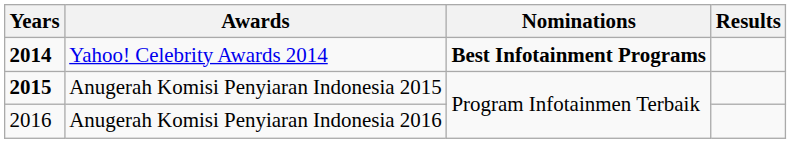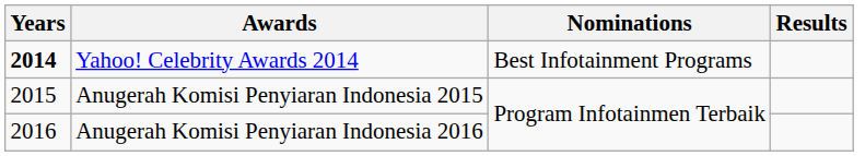 <table class="wikitable">
 <tr>
 <th>Years</th>
 <th>Awards</th>
 <th>Nominations</th>
 <th>Results</th>
 </tr>
 <tr>
 <td><strong>2014</strong></td>
 <td><a href='#'>Yahoo! Celebrity Awards 2014</a></td>
-<td><strong>Best Infotainment Programs</strong></td>
+<td>Best Infotainment Programs</td>
 <td></td>
 </tr>
 <tr>
-<td><strong>2015</strong></td>
+<td>2015</td>
 <td>Anugerah Komisi Penyiaran Indonesia 2015</td>
 <td rowspan="2">Program Infotainmen Terbaik</td>
 <td></td>
 </tr>
 <tr>
 <td>2016</td>
 <td>Anugerah Komisi Penyiaran Indonesia 2016</td>
 <td></td>
 </tr>
 </table>
